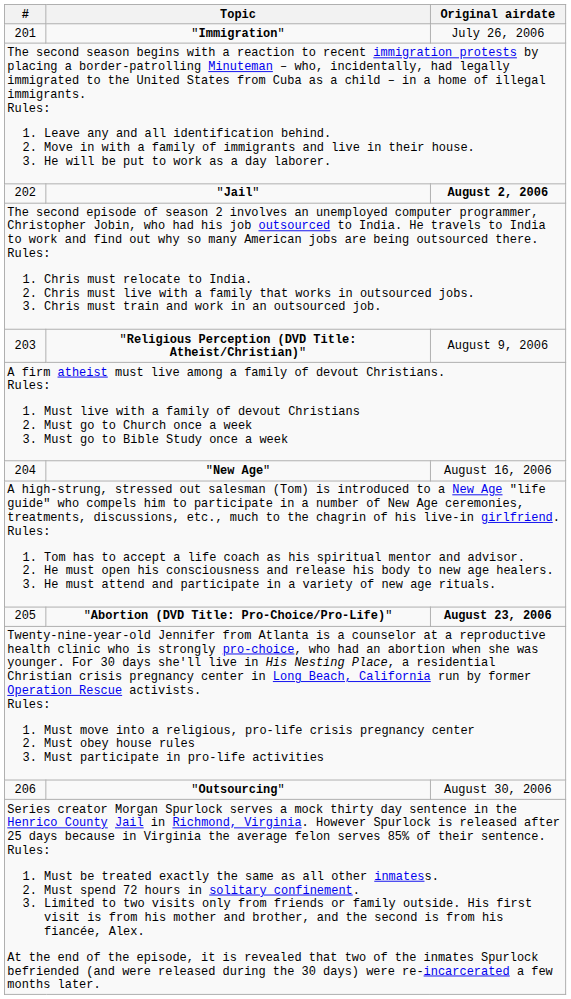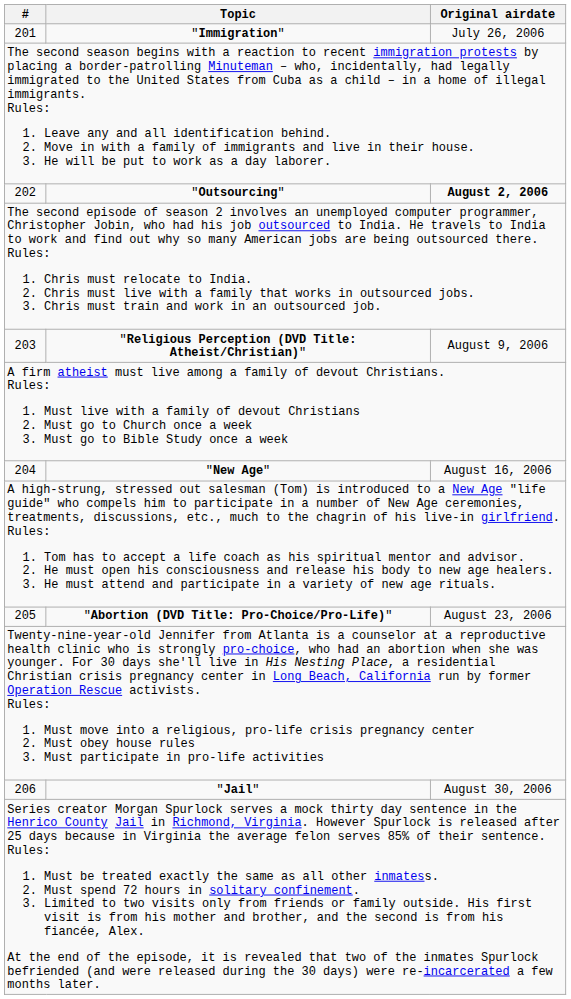 <table class="wikitable">
 <tr>
 <th>#</th>
 <th>Topic</th>
 <th>Original airdate</th>
 </tr>
 <tr>
 <td align="center">201</td>
 <td align="center">"<strong>Immigration</strong>"</td>
 <td align="center">July 26, 2006</td>
 </tr>
 <tr>
 <td colspan="3">The second season begins with a reaction to recent <a href='#'>immigration protests</a> by placing a border-patrolling <a href='#'>Minuteman</a> – who, incidentally, had legally immigrated to the United States from Cuba as a child – in a home of illegal immigrants.<br>Rules:<ol><li>Leave any and all identification behind.</li><li>Move in with a family of immigrants and live in their house.</li><li>He will be put to work as a day laborer.</li></ol></td>
 </tr>
 <tr>
 <td align="center">202</td>
-<td align="center">"<strong>Jail</strong>"</td>
+<td align="center">"<strong>Outsourcing</strong>"</td>
 <td align="center"><strong>August 2, 2006</strong></td>
 </tr>
 <tr>
 <td colspan="3">The second episode of season 2 involves an unemployed computer programmer, Christopher Jobin, who had his job <a href='#'>outsourced</a> to India.  He travels to India to work and find out why so many American jobs are being outsourced there.<br>Rules:<ol><li>Chris must relocate to India.</li><li>Chris must live with a family that works in outsourced jobs.</li><li>Chris must train and work in an outsourced job.</li></ol></td>
 </tr>
 <tr>
 <td align="center">203</td>
 <td align="center">"<strong>Religious Perception (DVD Title: Atheist/Christian)</strong>"</td>
 <td align="center">August 9, 2006</td>
 </tr>
 <tr>
 <td colspan="3">A firm <a href='#'>atheist</a> must live among a family of devout Christians.<br>Rules:<ol><li>Must live with a family of devout Christians</li><li>Must go to Church once a week</li><li>Must go to Bible Study once a week</li></ol></td>
 </tr>
 <tr>
 <td align="center">204</td>
 <td align="center">"<strong>New Age</strong>"</td>
 <td align="center">August 16, 2006</td>
 </tr>
 <tr>
 <td colspan="3">A high-strung, stressed out salesman (Tom) is introduced to a <a href='#'>New Age</a> "life guide" who compels him to participate in a number of New Age ceremonies, treatments, discussions, etc., much to the chagrin of his live-in <a href='#'>girlfriend</a>.<br>Rules:<ol><li>Tom has to accept a life coach as his spiritual mentor and advisor.</li><li>He must open his consciousness and release his body to new age healers.</li><li>He must attend and participate in a variety of new age rituals.</li></ol></td>
 </tr>
 <tr>
 <td align="center">205</td>
 <td align="center">"<strong>Abortion (DVD Title: Pro-Choice/Pro-Life)</strong>"</td>
-<td align="center"><strong>August 23, 2006</strong></td>
+<td align="center">August 23, 2006</td>
 </tr>
 <tr>
 <td colspan="3">Twenty-nine-year-old Jennifer from Atlanta is a counselor at a reproductive health clinic who is strongly <a href='#'>pro-choice</a>, who had an abortion when she was younger. For 30 days she'll live in <em>His Nesting Place</em>, a residential Christian crisis pregnancy center in <a href='#'>Long Beach, California</a> run by former <a href='#'>Operation Rescue</a> activists.<br>Rules:<ol><li>Must move into a religious, pro-life crisis pregnancy center</li><li>Must obey house rules</li><li>Must participate in pro-life activities</li></ol></td>
 </tr>
 <tr>
 <td align="center">206</td>
-<td align="center">"<strong>Outsourcing</strong>"</td>
+<td align="center">"<strong>Jail</strong>"</td>
 <td align="center">August 30, 2006</td>
 </tr>
 <tr>
 <td colspan="3">Series creator Morgan Spurlock serves a mock thirty day sentence in the <a href='#'>Henrico County</a> <a href='#'>Jail</a> in <a href='#'>Richmond, Virginia</a>. However Spurlock is released after 25 days because in Virginia the average felon serves 85% of their sentence.<br>Rules:<ol><li>Must be treated exactly the same as all other <a href='#'>inmates</a>s.</li><li>Must spend 72 hours in <a href='#'>solitary confinement</a>.</li><li>Limited to two visits only from friends or family outside. His first visit is from his mother and brother, and the second is from his fiancée, Alex.</li></ol>At the end of the episode, it is revealed that two of the inmates Spurlock befriended (and were released during the 30 days) were re-<a href='#'>incarcerated</a> a few months later.</td>
 </tr>
 </table>
